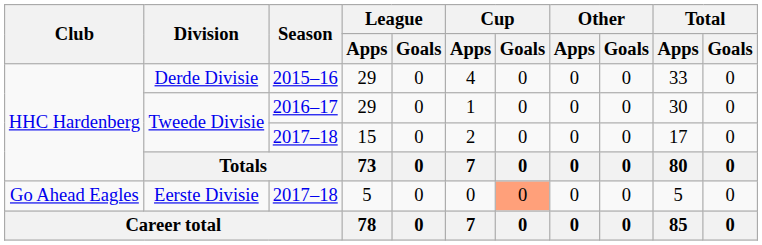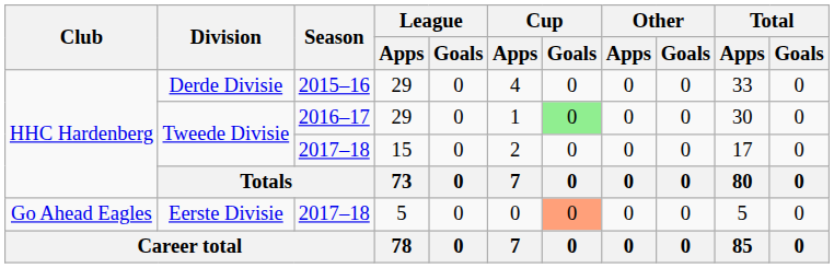 <table class="wikitable" style="text-align: center;">
 <tr>
 <th rowspan="2">Club</th>
 <th rowspan="2">Division</th>
 <th rowspan="2">Season</th>
 <th colspan="2">League</th>
 <th colspan="2">Cup</th>
 <th colspan="2">Other</th>
 <th colspan="2">Total</th>
 </tr>
 <tr>
 <th>Apps</th>
 <th>Goals</th>
 <th>Apps</th>
 <th>Goals</th>
 <th>Apps</th>
 <th>Goals</th>
 <th>Apps</th>
 <th>Goals</th>
 </tr>
 <tr>
 <td rowspan="4"><a href='#'>HHC Hardenberg</a></td>
 <td rowspan="1"><a href='#'>Derde Divisie</a></td>
 <td><a href='#'>2015–16</a></td>
 <td>29</td>
 <td>0</td>
 <td>4</td>
 <td>0</td>
 <td>0</td>
 <td>0</td>
 <td>33</td>
 <td>0</td>
 </tr>
 <tr>
 <td rowspan="2"><a href='#'>Tweede Divisie</a></td>
 <td><a href='#'>2016–17</a></td>
 <td>29</td>
 <td>0</td>
 <td>1</td>
-<td>0</td>
+<td style="background: lightgreen;">0</td>
 <td>0</td>
 <td>0</td>
 <td>30</td>
 <td>0</td>
 </tr>
 <tr>
 <td><a href='#'>2017–18</a></td>
 <td>15</td>
 <td>0</td>
 <td>2</td>
 <td>0</td>
 <td>0</td>
 <td>0</td>
 <td>17</td>
 <td>0</td>
 </tr>
 <tr>
 <th colspan=2>Totals</th>
 <th>73</th>
 <th>0</th>
 <th>7</th>
 <th>0</th>
 <th>0</th>
 <th>0</th>
 <th>80</th>
 <th>0</th>
 </tr>
 <tr>
 <td rowspan="1"><a href='#'>Go Ahead Eagles</a></td>
 <td rowspan="1"><a href='#'>Eerste Divisie</a></td>
 <td><a href='#'>2017–18</a></td>
 <td>5</td>
 <td>0</td>
 <td>0</td>
 <td style="background: lightsalmon;">0</td>
 <td>0</td>
 <td>0</td>
 <td>5</td>
 <td>0</td>
 </tr>
 <tr>
 <th colspan=3>Career total</th>
 <th>78</th>
 <th>0</th>
 <th>7</th>
 <th>0</th>
 <th>0</th>
 <th>0</th>
 <th>85</th>
 <th>0</th>
 </tr>
 </table>
